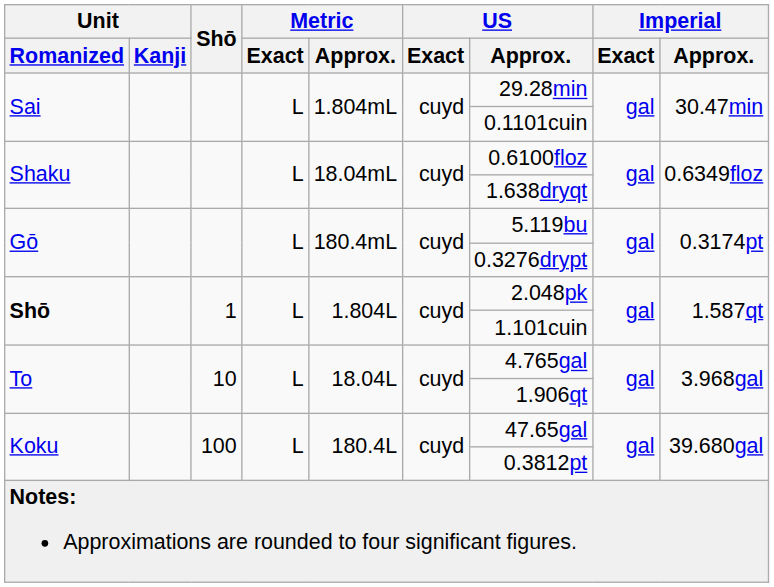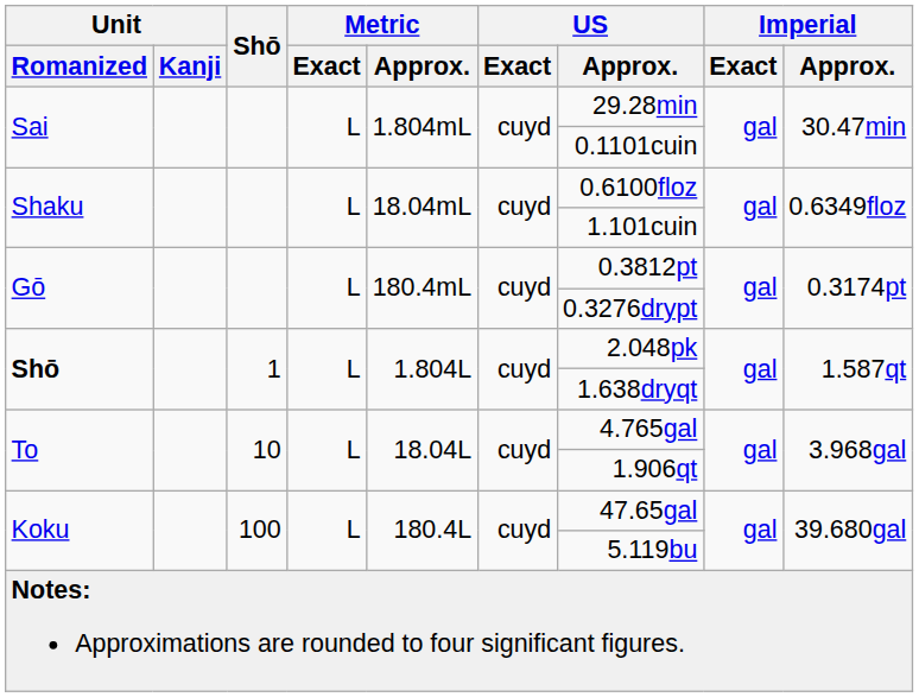 <table class="wikitable">
 <tr>
 <th colspan="2">Unit</th>
 <th rowspan="2">Shō</th>
 <th colspan="2"><a href='#'>Metric</a></th>
 <th colspan="2"><a href='#'>US</a></th>
 <th colspan="3"><a href='#'>Imperial</a></th>
 </tr>
 <tr>
 <th><a href='#'>Romanized</a></th>
 <th><a href='#'>Kanji</a></th>
 <th>Exact</th>
 <th>Approx.</th>
 <th>Exact</th>
 <th>Approx.</th>
 <th>Exact</th>
 <th>Approx.</th>
 </tr>
 <tr style="text-align: right">
 <td rowspan=2 style="text-align:left;"><a href='#'>Sai</a></td>
 <td rowspan=2 align="center"></td>
 <td rowspan=2 height="30pt"></td>
 <td rowspan=2>L</td>
 <td rowspan=2>1.804mL</td>
 <td rowspan=2>cuyd</td>
 <td>29.28<a href='#'>min</a></td>
 <td rowspan=2><a href='#'>gal</a></td>
 <td rowspan=2>30.47<a href='#'>min</a></td>
 </tr>
 <tr style="text-align: right">
 <td>0.1101cuin</td>
 </tr>
 <tr style="text-align: right">
 <td rowspan=2 style="text-align:left;"><a href='#'>Shaku</a></td>
 <td rowspan=2 align="center"></td>
 <td rowspan=2 height="30pt"></td>
 <td rowspan=2>L</td>
 <td rowspan=2>18.04mL</td>
 <td rowspan=2>cuyd</td>
 <td>0.6100<a href='#'>floz</a></td>
 <td rowspan=2><a href='#'>gal</a></td>
 <td rowspan=2>0.6349<a href='#'>floz</a></td>
 </tr>
 <tr style="text-align: right">
-<td>1.638<a href='#'>dryqt</a></td>
+<td>1.101cuin</td>
 </tr>
 <tr style="text-align: right">
 <td rowspan=2 style="text-align:left;"><a href='#'>Gō</a></td>
 <td rowspan=2 align="center"></td>
 <td rowspan=2 height="30pt"></td>
 <td rowspan=2>L</td>
 <td rowspan=2>180.4mL</td>
 <td rowspan=2>cuyd</td>
-<td>5.119<a href='#'>bu</a></td>
+<td>0.3812<a href='#'>pt</a></td>
 <td rowspan=2><a href='#'>gal</a></td>
 <td rowspan=2>0.3174<a href='#'>pt</a></td>
 </tr>
 <tr style="text-align: right">
 <td>0.3276<a href='#'>drypt</a></td>
 </tr>
 <tr style="text-align: right">
 <td rowspan=2 style="text-align:left;"><strong>Shō</strong></td>
 <td rowspan=2 align="center"></td>
 <td rowspan=2>1</td>
 <td rowspan=2>L</td>
 <td rowspan=2>1.804L</td>
 <td rowspan=2>cuyd</td>
 <td>2.048<a href='#'>pk</a></td>
 <td rowspan=2><a href='#'>gal</a></td>
 <td rowspan=2>1.587<a href='#'>qt</a></td>
 </tr>
 <tr style="text-align: right">
-<td>1.101cuin</td>
+<td>1.638<a href='#'>dryqt</a></td>
 </tr>
 <tr style="text-align: right">
 <td rowspan=2 style="text-align:left;"><a href='#'>To</a></td>
 <td rowspan=2 align="center"></td>
 <td rowspan=2>10</td>
 <td rowspan=2>L</td>
 <td rowspan=2>18.04L</td>
 <td rowspan=2>cuyd</td>
 <td>4.765<a href='#'>gal</a></td>
 <td rowspan=2><a href='#'>gal</a></td>
 <td rowspan=2>3.968<a href='#'>gal</a></td>
 </tr>
 <tr style="text-align: right">
 <td>1.906<a href='#'>qt</a></td>
 </tr>
 <tr style="text-align: right">
 <td rowspan=2 style="text-align:left;"><a href='#'>Koku</a></td>
 <td rowspan=2 align="center"></td>
 <td rowspan=2>100</td>
 <td rowspan=2>L</td>
 <td rowspan=2>180.4L</td>
 <td rowspan=2>cuyd</td>
 <td>47.65<a href='#'>gal</a></td>
 <td rowspan=2><a href='#'>gal</a></td>
 <td rowspan=2>39.680<a href='#'>gal</a></td>
 </tr>
 <tr style="text-align: right">
-<td>0.3812<a href='#'>pt</a></td>
+<td>5.119<a href='#'>bu</a></td>
 </tr>
 <tr>
 <td colspan="13" bgcolor=#F0F0F0><strong>Notes:</strong><br><ul><li>Approximations are rounded to four significant figures.</li></ul></td>
 </tr>
 </table>
